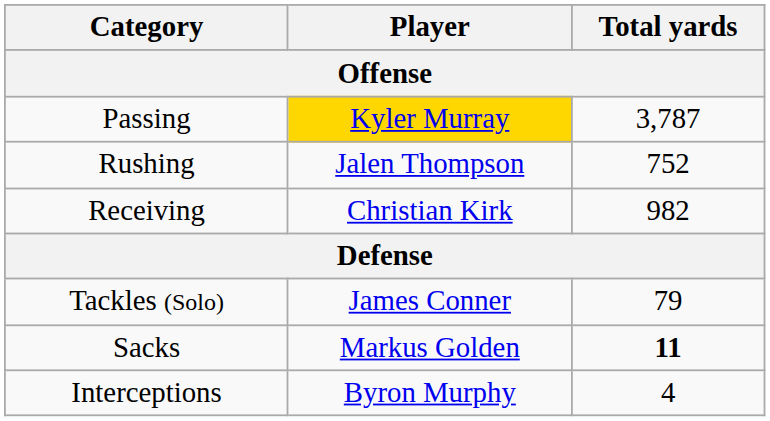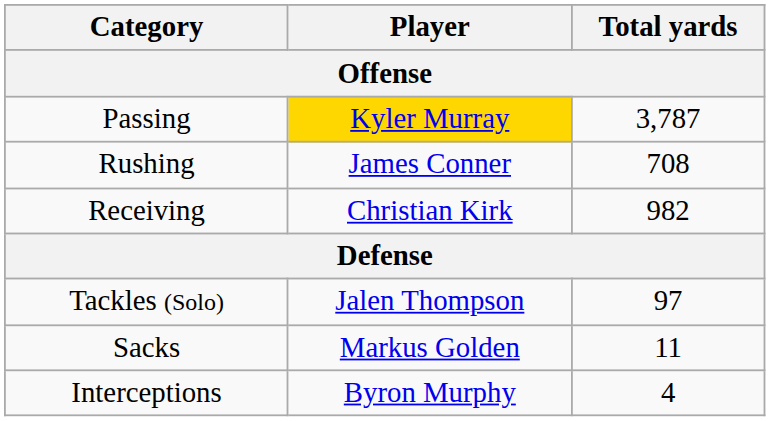 <table class="wikitable" style="text-align:center">
 <tr>
 <th width="150">Category</th>
 <th width="150">Player</th>
 <th width="100">Total yards</th>
 </tr>
 <tr>
 <th align="center" colspan="4">Offense</th>
 </tr>
 <tr>
 <td>Passing</td>
 <td style="background: gold;"><a href='#'>Kyler Murray</a></td>
 <td>3,787</td>
 </tr>
 <tr>
 <td>Rushing</td>
-<td><a href='#'>Jalen Thompson</a></td>
-<td>752</td>
+<td><a href='#'>James Conner</a></td>
+<td>708</td>
 </tr>
 <tr>
 <td>Receiving</td>
 <td><a href='#'>Christian Kirk</a></td>
 <td>982</td>
 </tr>
 <tr>
 <th align="center" colspan="4">Defense</th>
 </tr>
 <tr>
 <td>Tackles <small>(Solo)</small></td>
-<td><a href='#'>James Conner</a></td>
-<td>79</td>
+<td><a href='#'>Jalen Thompson</a></td>
+<td>97</td>
 </tr>
 <tr>
 <td>Sacks</td>
 <td><a href='#'>Markus Golden</a></td>
-<td><strong>11</strong></td>
+<td>11</td>
 </tr>
 <tr>
 <td>Interceptions</td>
 <td><a href='#'>Byron Murphy</a></td>
 <td>4</td>
 </tr>
 </table>
